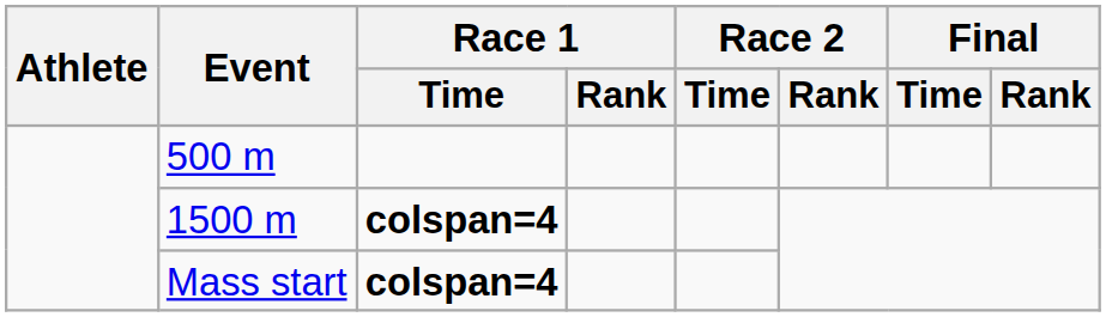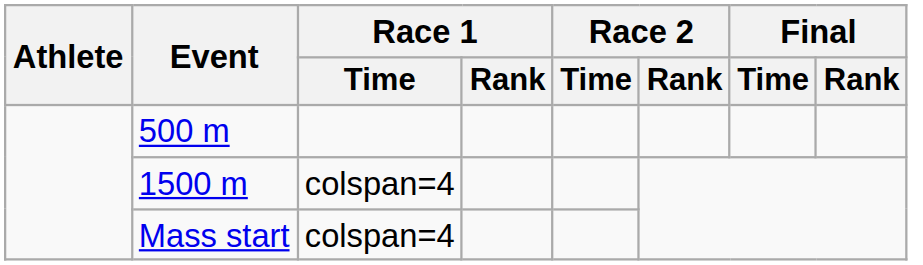 <table class="wikitable" style="font-size:90%">
 <tr>
 <th rowspan=2>Athlete</th>
 <th rowspan=2>Event</th>
 <th colspan=2>Race 1</th>
 <th colspan=2>Race 2</th>
 <th colspan=2>Final</th>
 </tr>
 <tr style="font-size:95%">
 <th>Time</th>
 <th>Rank</th>
 <th>Time</th>
 <th>Rank</th>
 <th>Time</th>
 <th>Rank</th>
 </tr>
 <tr align=center>
 <td align=left rowspan=3></td>
 <td align=left><a href='#'>500 m</a></td>
 <td></td>
 <td></td>
 <td></td>
 <td></td>
 <td></td>
 <td></td>
 </tr>
 <tr align=center>
 <td align=left><a href='#'>1500 m</a></td>
-<td><strong>colspan=4 </strong></td>
+<td>colspan=4 </td>
 <td></td>
 <td></td>
 </tr>
 <tr align=center>
 <td align=left><a href='#'>Mass start</a></td>
-<td><strong>colspan=4 </strong></td>
+<td>colspan=4 </td>
 <td></td>
 <td></td>
 </tr>
 </table>
